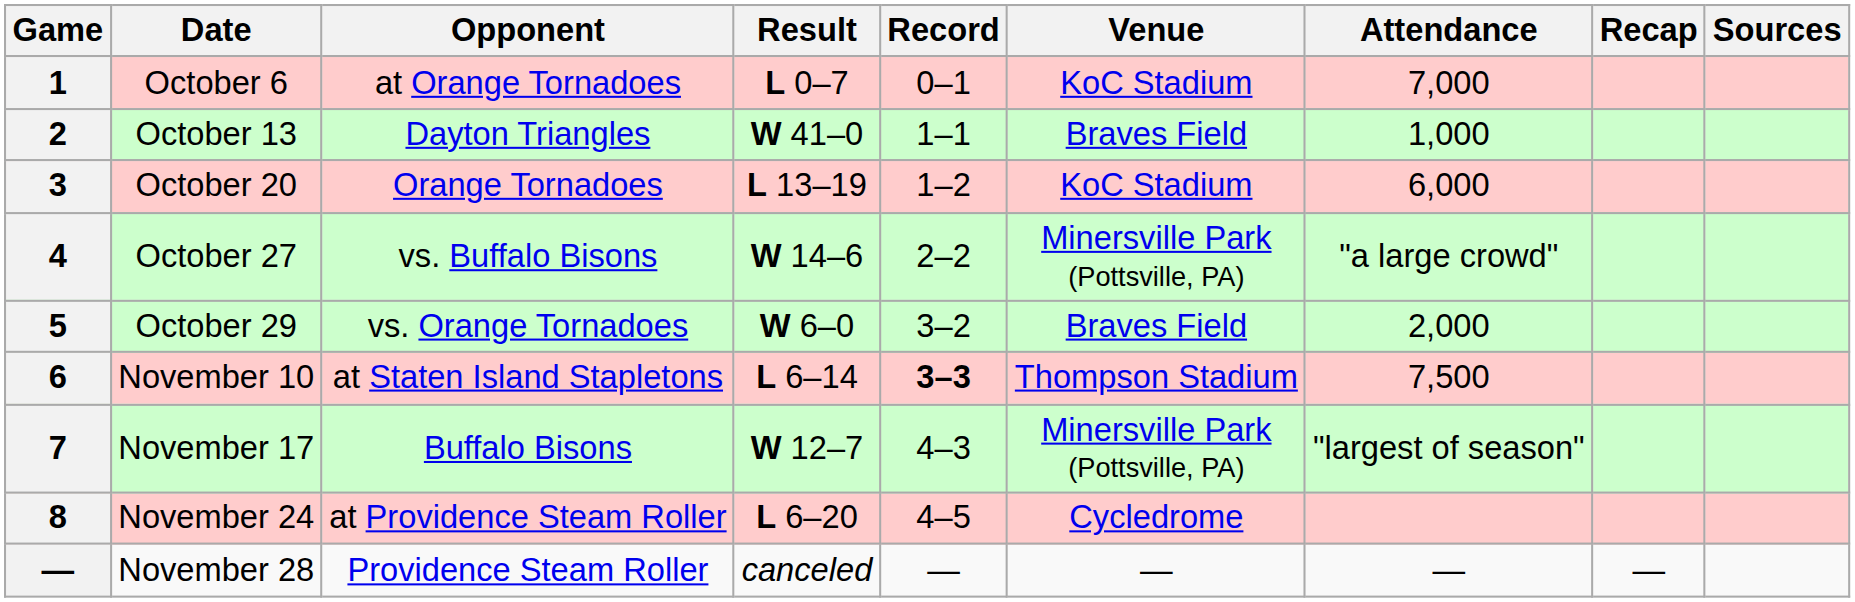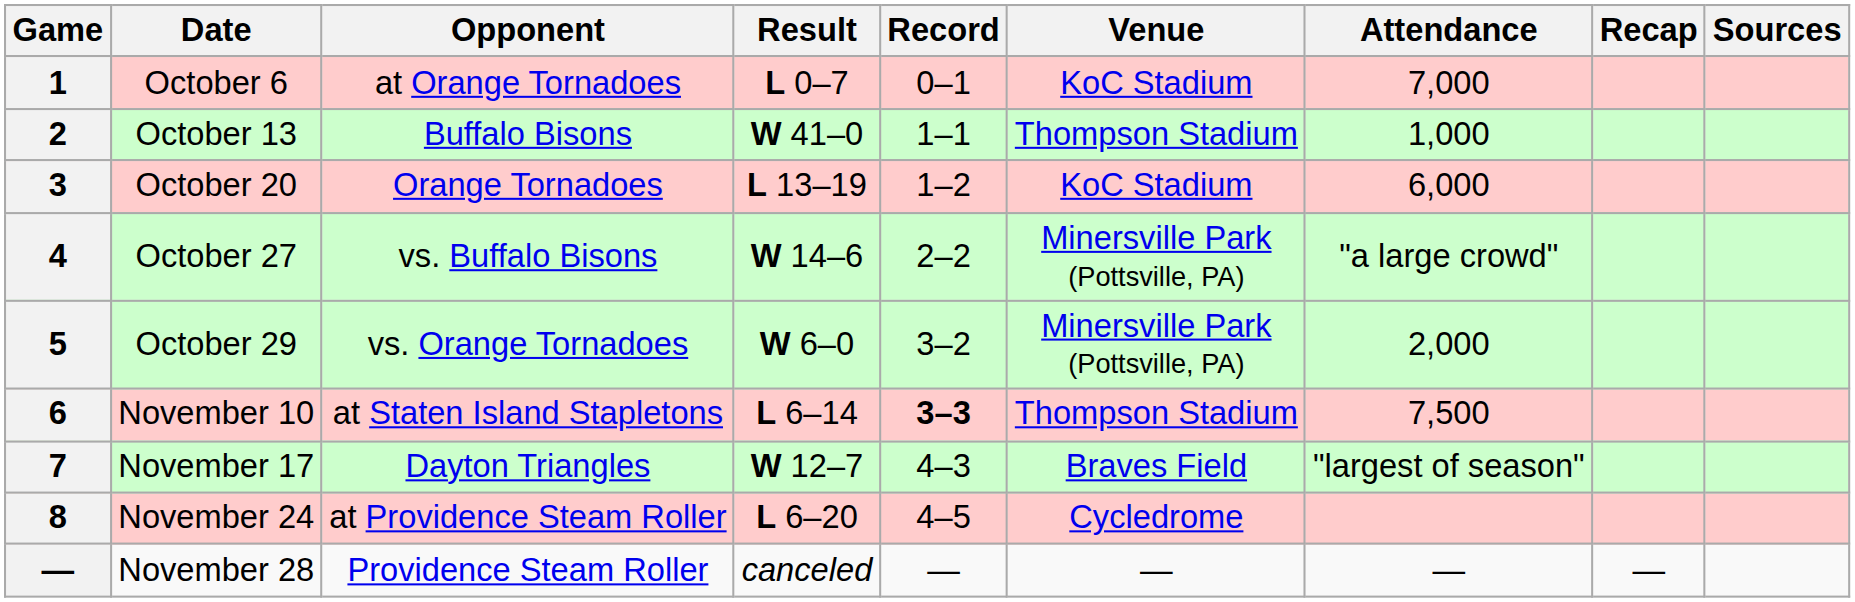 <table class="wikitable" style="text-align:center">
 <tr>
 <th>Game</th>
 <th>Date</th>
 <th>Opponent</th>
 <th>Result</th>
 <th>Record</th>
 <th>Venue</th>
 <th>Attendance</th>
 <th>Recap</th>
 <th>Sources</th>
 </tr>
 <tr style="background:#fcc">
 <th>1</th>
 <td>October 6</td>
 <td>at <a href='#'>Orange Tornadoes</a></td>
 <td><strong>L</strong> 0–7</td>
 <td>0–1</td>
 <td><a href='#'>KoC Stadium</a></td>
 <td>7,000</td>
 <td></td>
 <td></td>
 </tr>
 <tr style="background:#cfc">
 <th>2</th>
 <td>October 13</td>
-<td><a href='#'>Dayton Triangles</a></td>
+<td><a href='#'>Buffalo Bisons</a></td>
 <td><strong>W</strong> 41–0</td>
 <td>1–1</td>
-<td><a href='#'>Braves Field</a></td>
+<td><a href='#'>Thompson Stadium</a></td>
 <td>1,000</td>
 <td></td>
 <td></td>
 </tr>
 <tr style="background:#fcc">
 <th>3</th>
 <td>October 20</td>
 <td><a href='#'>Orange Tornadoes</a></td>
 <td><strong>L</strong> 13–19</td>
 <td>1–2</td>
 <td><a href='#'>KoC Stadium</a></td>
 <td>6,000</td>
 <td></td>
 <td></td>
 </tr>
 <tr style="background:#cfc">
 <th>4</th>
 <td>October 27</td>
 <td>vs. <a href='#'>Buffalo Bisons</a></td>
 <td><strong>W</strong> 14–6</td>
 <td>2–2</td>
 <td><a href='#'>Minersville Park</a> <br><small>(Pottsville, PA)</small></td>
 <td>"a large crowd"</td>
 <td></td>
 <td></td>
 </tr>
 <tr style="background:#cfc">
 <th>5</th>
 <td>October 29</td>
 <td>vs. <a href='#'>Orange Tornadoes</a></td>
 <td><strong>W</strong> 6–0</td>
 <td>3–2</td>
-<td><a href='#'>Braves Field</a></td>
+<td><a href='#'>Minersville Park</a> <br><small>(Pottsville, PA)</small></td>
 <td>2,000</td>
 <td></td>
 <td></td>
 </tr>
 <tr style="background:#fcc">
 <th>6</th>
 <td>November 10</td>
 <td>at <a href='#'>Staten Island Stapletons</a></td>
 <td><strong>L</strong> 6–14</td>
 <td><strong>3–3</strong></td>
 <td><a href='#'>Thompson Stadium</a></td>
 <td>7,500</td>
 <td></td>
 <td></td>
 </tr>
 <tr style="background:#cfc">
 <th>7</th>
 <td>November 17</td>
-<td><a href='#'>Buffalo Bisons</a></td>
+<td><a href='#'>Dayton Triangles</a></td>
 <td><strong>W</strong> 12–7</td>
 <td>4–3</td>
-<td><a href='#'>Minersville Park</a> <br><small>(Pottsville, PA)</small></td>
+<td><a href='#'>Braves Field</a></td>
 <td>"largest of season"</td>
 <td></td>
 <td></td>
 </tr>
 <tr style="background:#fcc">
 <th>8</th>
 <td>November 24</td>
 <td>at <a href='#'>Providence Steam Roller</a></td>
 <td><strong>L</strong> 6–20</td>
 <td>4–5</td>
 <td><a href='#'>Cycledrome</a></td>
 <td></td>
 <td></td>
 <td></td>
 </tr>
 <tr style=>
 <th>—</th>
 <td>November 28</td>
 <td><a href='#'>Providence Steam Roller</a></td>
 <td><em>canceled</em></td>
 <td>—</td>
 <td>—</td>
 <td>—</td>
 <td>—</td>
 <td></td>
 </tr>
 </table>
